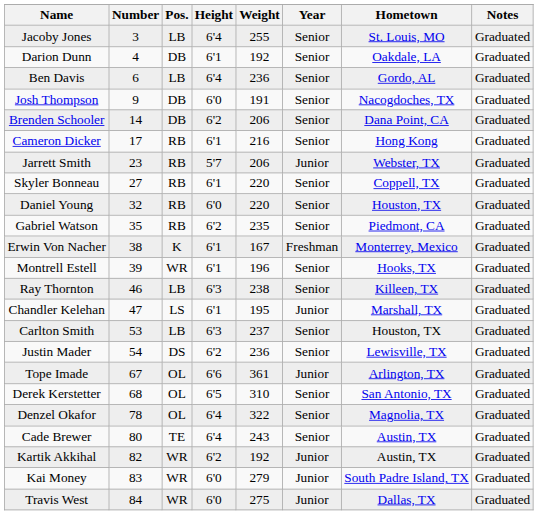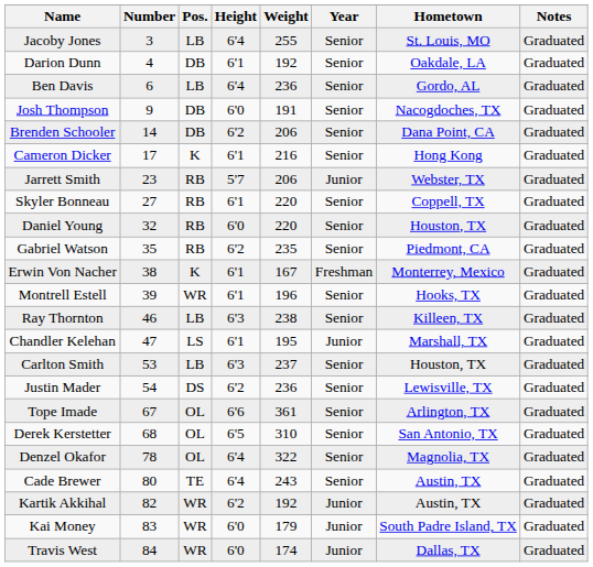 <table class="wikitable sortable collapsible">
 <tr>
 </tr>
 <tr>
 <th style="text-align:center; ">Name</th>
 <th style="text-align:center; ">Number</th>
 <th style="text-align:center; ">Pos.</th>
 <th style="text-align:center; ">Height</th>
 <th style="text-align:center; ">Weight</th>
 <th style="text-align:center; ">Year</th>
 <th style="text-align:center; ">Hometown</th>
 <th style="text-align:center; ">Notes</th>
 </tr>
 <tr style="background:#eeeeee;"align="center">
 <td>Jacoby Jones</td>
 <td>3</td>
 <td>LB</td>
 <td>6'4</td>
 <td>255</td>
 <td>Senior</td>
 <td><a href='#'>St. Louis, MO</a></td>
 <td>Graduated</td>
 </tr>
 <tr align="center">
 <td>Darion Dunn</td>
 <td>4</td>
 <td>DB</td>
 <td>6'1</td>
 <td>192</td>
 <td>Senior</td>
 <td><a href='#'>Oakdale, LA</a></td>
 <td>Graduated</td>
 </tr>
 <tr style="background:#eeeeee;"align="center">
 <td>Ben Davis</td>
 <td>6</td>
 <td>LB</td>
 <td>6'4</td>
 <td>236</td>
 <td>Senior</td>
 <td><a href='#'>Gordo, AL</a></td>
 <td>Graduated</td>
 </tr>
 <tr align="center">
 <td><a href='#'>Josh Thompson</a></td>
 <td>9</td>
 <td>DB</td>
 <td>6'0</td>
 <td>191</td>
 <td>Senior</td>
 <td><a href='#'>Nacogdoches, TX</a></td>
 <td>Graduated</td>
 </tr>
 <tr style="background:#eeeeee;"align="center">
 <td><a href='#'>Brenden Schooler</a></td>
 <td>14</td>
 <td>DB</td>
 <td>6'2</td>
 <td>206</td>
 <td>Senior</td>
 <td><a href='#'>Dana Point, CA</a></td>
 <td>Graduated</td>
 </tr>
 <tr align="center">
 <td><a href='#'>Cameron Dicker</a></td>
 <td>17</td>
-<td>RB</td>
+<td>K</td>
 <td>6'1</td>
 <td>216</td>
 <td>Senior</td>
 <td><a href='#'>Hong Kong</a></td>
 <td>Graduated</td>
 </tr>
 <tr style="background:#eeeeee;"align="center">
 <td>Jarrett Smith</td>
 <td>23</td>
 <td>RB</td>
 <td>5'7</td>
 <td>206</td>
 <td>Junior</td>
 <td><a href='#'>Webster, TX</a></td>
 <td>Graduated</td>
 </tr>
 <tr align="center">
 <td>Skyler Bonneau</td>
 <td>27</td>
 <td>RB</td>
 <td>6'1</td>
 <td>220</td>
 <td>Senior</td>
 <td><a href='#'>Coppell, TX</a></td>
 <td>Graduated</td>
 </tr>
 <tr style="background:#eeeeee;"align="center">
 <td>Daniel Young</td>
 <td>32</td>
 <td>RB</td>
 <td>6'0</td>
 <td>220</td>
 <td>Senior</td>
 <td><a href='#'>Houston, TX</a></td>
 <td>Graduated</td>
 </tr>
 <tr align="center">
 <td>Gabriel Watson</td>
 <td>35</td>
 <td>RB</td>
 <td>6'2</td>
 <td>235</td>
 <td>Senior</td>
 <td><a href='#'>Piedmont, CA</a></td>
 <td>Graduated</td>
 </tr>
 <tr style="background:#eeeeee;"align="center">
 <td>Erwin Von Nacher</td>
 <td>38</td>
 <td>K</td>
 <td>6'1</td>
 <td>167</td>
 <td> Freshman</td>
 <td><a href='#'>Monterrey, Mexico</a></td>
 <td>Graduated</td>
 </tr>
 <tr align="center">
 <td>Montrell Estell</td>
 <td>39</td>
 <td>WR</td>
 <td>6'1</td>
 <td>196</td>
 <td>Senior</td>
 <td><a href='#'>Hooks, TX</a></td>
 <td>Graduated</td>
 </tr>
 <tr style="background:#eeeeee;"align="center">
 <td>Ray Thornton</td>
 <td>46</td>
 <td>LB</td>
 <td>6'3</td>
 <td>238</td>
 <td>Senior</td>
 <td><a href='#'>Killeen, TX</a></td>
 <td>Graduated</td>
 </tr>
 <tr align="center">
 <td>Chandler Kelehan</td>
 <td>47</td>
 <td>LS</td>
 <td>6'1</td>
 <td>195</td>
 <td>Junior</td>
 <td><a href='#'>Marshall, TX</a></td>
 <td>Graduated</td>
 </tr>
 <tr style="background:#eeeeee;"align="center">
 <td>Carlton Smith</td>
 <td>53</td>
 <td>LB</td>
 <td>6'3</td>
 <td>237</td>
 <td>Senior</td>
 <td>Houston, TX</td>
 <td>Graduated</td>
 </tr>
 <tr align="center">
 <td>Justin Mader</td>
 <td>54</td>
 <td>DS</td>
 <td>6'2</td>
 <td>236</td>
 <td>Senior</td>
 <td><a href='#'>Lewisville, TX</a></td>
 <td>Graduated</td>
 </tr>
 <tr style="background:#eeeeee;"align="center">
 <td>Tope Imade</td>
 <td>67</td>
 <td>OL</td>
 <td>6'6</td>
 <td>361</td>
-<td>Junior</td>
+<td>Senior</td>
 <td><a href='#'>Arlington, TX</a></td>
 <td>Graduated</td>
 </tr>
 <tr align="center">
 <td>Derek Kerstetter</td>
 <td>68</td>
 <td>OL</td>
 <td>6'5</td>
 <td>310</td>
 <td>Senior</td>
 <td><a href='#'>San Antonio, TX</a></td>
 <td>Graduated</td>
 </tr>
 <tr style="background:#eeeeee;"align="center">
 <td>Denzel Okafor</td>
 <td>78</td>
 <td>OL</td>
 <td>6'4</td>
 <td>322</td>
 <td>Senior</td>
 <td><a href='#'>Magnolia, TX</a></td>
 <td>Graduated</td>
 </tr>
 <tr align="center">
 <td>Cade Brewer</td>
 <td>80</td>
 <td>TE</td>
 <td>6'4</td>
 <td>243</td>
 <td>Senior</td>
 <td><a href='#'>Austin, TX</a></td>
 <td>Graduated</td>
 </tr>
 <tr style="background:#eeeeee;"align="center">
 <td>Kartik Akkihal</td>
 <td>82</td>
 <td>WR</td>
 <td>6'2</td>
 <td>192</td>
 <td>Junior</td>
 <td>Austin, TX</td>
 <td>Graduated</td>
 </tr>
 <tr align="center">
 <td>Kai Money</td>
 <td>83</td>
 <td>WR</td>
 <td>6'0</td>
-<td>279</td>
+<td>179</td>
 <td>Junior</td>
 <td><a href='#'>South Padre Island, TX</a></td>
 <td>Graduated</td>
 </tr>
 <tr style="background:#eeeeee;"align="center">
 <td>Travis West</td>
 <td>84</td>
 <td>WR</td>
 <td>6'0</td>
-<td>275</td>
+<td>174</td>
 <td>Junior</td>
 <td><a href='#'>Dallas, TX</a></td>
 <td>Graduated</td>
 </tr>
 </table>
